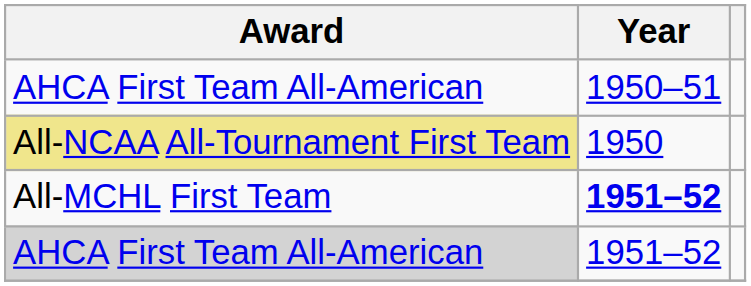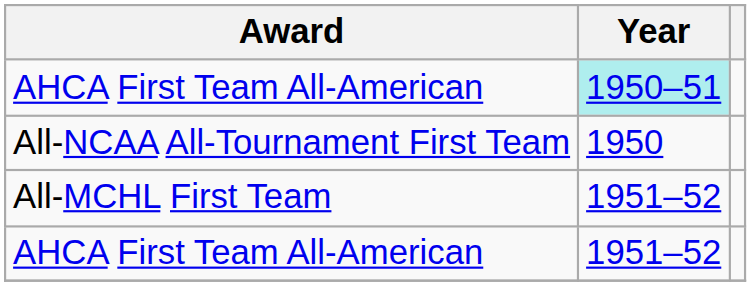 <table class="wikitable">
 <tr>
 <th>Award</th>
 <th>Year</th>
 <th></th>
 </tr>
 <tr>
 <td><a href='#'>AHCA</a> <a href='#'>First Team All-American</a></td>
-<td><a href='#'>1950–51</a></td>
+<td style="background: paleturquoise;"><a href='#'>1950–51</a></td>
 <td></td>
 </tr>
 <tr>
-<td style="background: khaki;">All-<a href='#'>NCAA</a> <a href='#'>All-Tournament First Team</a></td>
+<td>All-<a href='#'>NCAA</a> <a href='#'>All-Tournament First Team</a></td>
 <td><a href='#'>1950</a></td>
 <td></td>
 </tr>
 <tr>
 <td>All-<a href='#'>MCHL</a> <a href='#'>First Team</a></td>
-<td><strong><a href='#'>1951–52</a></strong></td>
+<td><a href='#'>1951–52</a></td>
 <td></td>
 </tr>
 <tr>
-<td style="background: lightgrey;"><a href='#'>AHCA</a> <a href='#'>First Team All-American</a></td>
+<td><a href='#'>AHCA</a> <a href='#'>First Team All-American</a></td>
 <td><a href='#'>1951–52</a></td>
 <td></td>
 </tr>
 <tr>
 </tr>
 </table>
